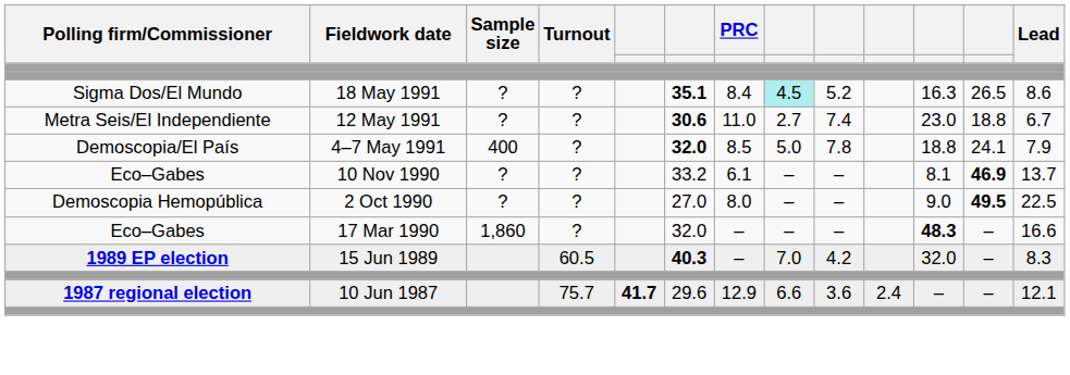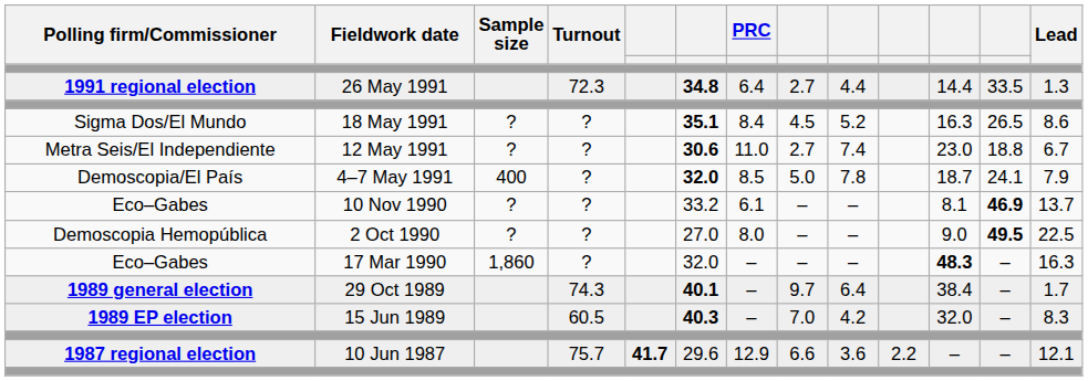 <table class="wikitable collapsible collapsed" style="text-align:center; font-size:95%; line-height:16px;">
 <tr style="height:42px;">
 <th style="width:250px;" rowspan="2">Polling firm/Commissioner</th>
 <th style="width:125px;" rowspan="2">Fieldwork date</th>
 <th style="width:50px;" rowspan="2">Sample size</th>
 <th style="width:45px;" rowspan="2">Turnout</th>
 <th style="width:35px;"></th>
 <th style="width:35px;"></th>
 <th style="width:35px;"><a href='#'>PRC</a></th>
 <th style="width:35px;"></th>
 <th style="width:35px;"></th>
 <th style="width:35px;"></th>
 <th style="width:35px;"></th>
 <th style="width:35px;"></th>
 <th style="width:30px;" rowspan="2">Lead</th>
 </tr>
 <tr>
 <th style="color:inherit;background:"></th>
 <th style="color:inherit;background:"></th>
 <th style="color:inherit;background:"></th>
 <th style="color:inherit;background:"></th>
 <th style="color:inherit;background:"></th>
 <th style="color:inherit;background:"></th>
 <th style="color:inherit;background:"></th>
 <th style="color:inherit;background:"></th>
 </tr>
 <tr>
 <td colspan="13" style="background:#A0A0A0"></td>
 </tr>
+<tr style="background:#EFEFEF;">
+<td><strong><a href='#'>1991 regional election</a></strong></td>
+<td>26 May 1991</td>
+<td></td>
+<td>72.3</td>
+<td></td>
+<td><strong>34.8</strong><br></td>
+<td>6.4<br></td>
+<td>2.7<br></td>
+<td>4.4<br></td>
+<td></td>
+<td>14.4<br></td>
+<td>33.5<br></td>
+<td style="background:">1.3</td>
+</tr>
 <tr>
 <td colspan="13" style="background:#A0A0A0"></td>
 </tr>
 <tr>
 <td>Sigma Dos/El Mundo</td>
 <td>18 May 1991</td>
 <td>?</td>
 <td>?</td>
 <td></td>
 <td><strong>35.1</strong><br></td>
 <td>8.4<br></td>
-<td style="background: paleturquoise;">4.5<br></td>
+<td>4.5<br></td>
 <td>5.2<br></td>
 <td></td>
 <td>16.3<br></td>
 <td>26.5<br></td>
 <td style="background:">8.6</td>
 </tr>
 <tr>
 <td>Metra Seis/El Independiente</td>
 <td>12 May 1991</td>
 <td>?</td>
 <td>?</td>
 <td></td>
 <td><strong>30.6</strong><br></td>
 <td>11.0<br></td>
 <td>2.7<br></td>
 <td>7.4<br></td>
 <td></td>
 <td>23.0<br></td>
 <td>18.8<br></td>
 <td style="background:">6.7</td>
 </tr>
 <tr>
 <td>Demoscopia/El País</td>
 <td>4–7 May 1991</td>
 <td>400</td>
 <td>?</td>
 <td></td>
 <td><strong>32.0</strong><br></td>
 <td>8.5<br></td>
 <td>5.0<br></td>
 <td>7.8<br></td>
 <td></td>
-<td>18.8<br></td>
+<td>18.7<br></td>
 <td>24.1<br></td>
 <td style="background:">7.9</td>
 </tr>
 <tr>
 <td>Eco–Gabes</td>
 <td>10 Nov 1990</td>
 <td>?</td>
 <td>?</td>
 <td></td>
 <td>33.2<br></td>
 <td>6.1<br></td>
 <td>–</td>
 <td>–</td>
 <td></td>
 <td>8.1<br></td>
 <td><strong>46.9</strong><br></td>
 <td style="background:">13.7</td>
 </tr>
 <tr>
 <td>Demoscopia Hemopública</td>
 <td>2 Oct 1990</td>
 <td>?</td>
 <td>?</td>
 <td></td>
 <td>27.0<br></td>
 <td>8.0<br></td>
 <td>–</td>
 <td>–</td>
 <td></td>
 <td>9.0<br></td>
 <td><strong>49.5</strong><br></td>
 <td style="background:">22.5</td>
 </tr>
 <tr>
 <td>Eco–Gabes</td>
 <td>17 Mar 1990</td>
 <td>1,860</td>
 <td>?</td>
 <td></td>
 <td>32.0</td>
 <td>–</td>
 <td>–</td>
 <td>–</td>
 <td></td>
 <td><strong>48.3</strong></td>
 <td>–</td>
-<td style="background:">16.6</td>
+<td style="background:">16.3</td>
+</tr>
+<tr style="background:#EFEFEF;">
+<td><strong><a href='#'>1989 general election</a></strong></td>
+<td>29 Oct 1989</td>
+<td></td>
+<td>74.3</td>
+<td></td>
+<td><strong>40.1</strong><br></td>
+<td>–</td>
+<td>9.7<br></td>
+<td>6.4<br></td>
+<td></td>
+<td>38.4<br></td>
+<td>–</td>
+<td style="background:">1.7</td>
 </tr>
 <tr style="background:#EFEFEF;">
 <td><strong><a href='#'>1989 EP election</a></strong></td>
 <td>15 Jun 1989</td>
 <td></td>
 <td>60.5</td>
 <td></td>
 <td><strong>40.3</strong><br></td>
 <td>–</td>
 <td>7.0<br></td>
 <td>4.2<br></td>
 <td></td>
 <td>32.0<br></td>
 <td>–</td>
 <td style="background:">8.3</td>
 </tr>
 <tr>
 <td colspan="13" style="background:#A0A0A0"></td>
 </tr>
 <tr style="background:#EFEFEF;">
 <td><strong><a href='#'>1987 regional election</a></strong></td>
 <td>10 Jun 1987</td>
 <td></td>
 <td>75.7</td>
 <td><strong>41.7</strong><br></td>
 <td>29.6<br></td>
 <td>12.9<br></td>
 <td>6.6<br></td>
 <td>3.6<br></td>
-<td>2.4<br></td>
+<td>2.2<br></td>
 <td>–</td>
 <td>–</td>
 <td style="background:">12.1</td>
 </tr>
 <tr>
 <td colspan="13" style="background:#A0A0A0"></td>
 </tr>
 </table>
